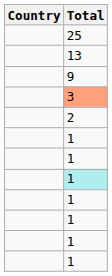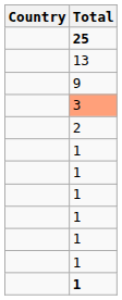 <table class="wikitable sortable">
 <tr>
 <th>Country</th>
 <th>Total</th>
 </tr>
 <tr>
 <td></td>
-<td>25</td>
+<td><strong>25</strong></td>
 </tr>
 <tr>
 <td></td>
 <td>13</td>
 </tr>
 <tr>
 <td></td>
 <td>9</td>
 </tr>
 <tr>
 <td></td>
 <td style="background: lightsalmon;">3</td>
 </tr>
 <tr>
 <td></td>
 <td>2</td>
 </tr>
 <tr>
 <td></td>
 <td>1</td>
 </tr>
 <tr>
 <td></td>
 <td>1</td>
 </tr>
 <tr>
 <td></td>
-<td style="background: paleturquoise;">1</td>
+<td>1</td>
 </tr>
 <tr>
 <td></td>
 <td>1</td>
 </tr>
 <tr>
 <td></td>
 <td>1</td>
 </tr>
 <tr>
 <td></td>
 <td>1</td>
 </tr>
 <tr>
 <td></td>
-<td>1</td>
+<td><strong>1</strong></td>
 </tr>
 </table>
